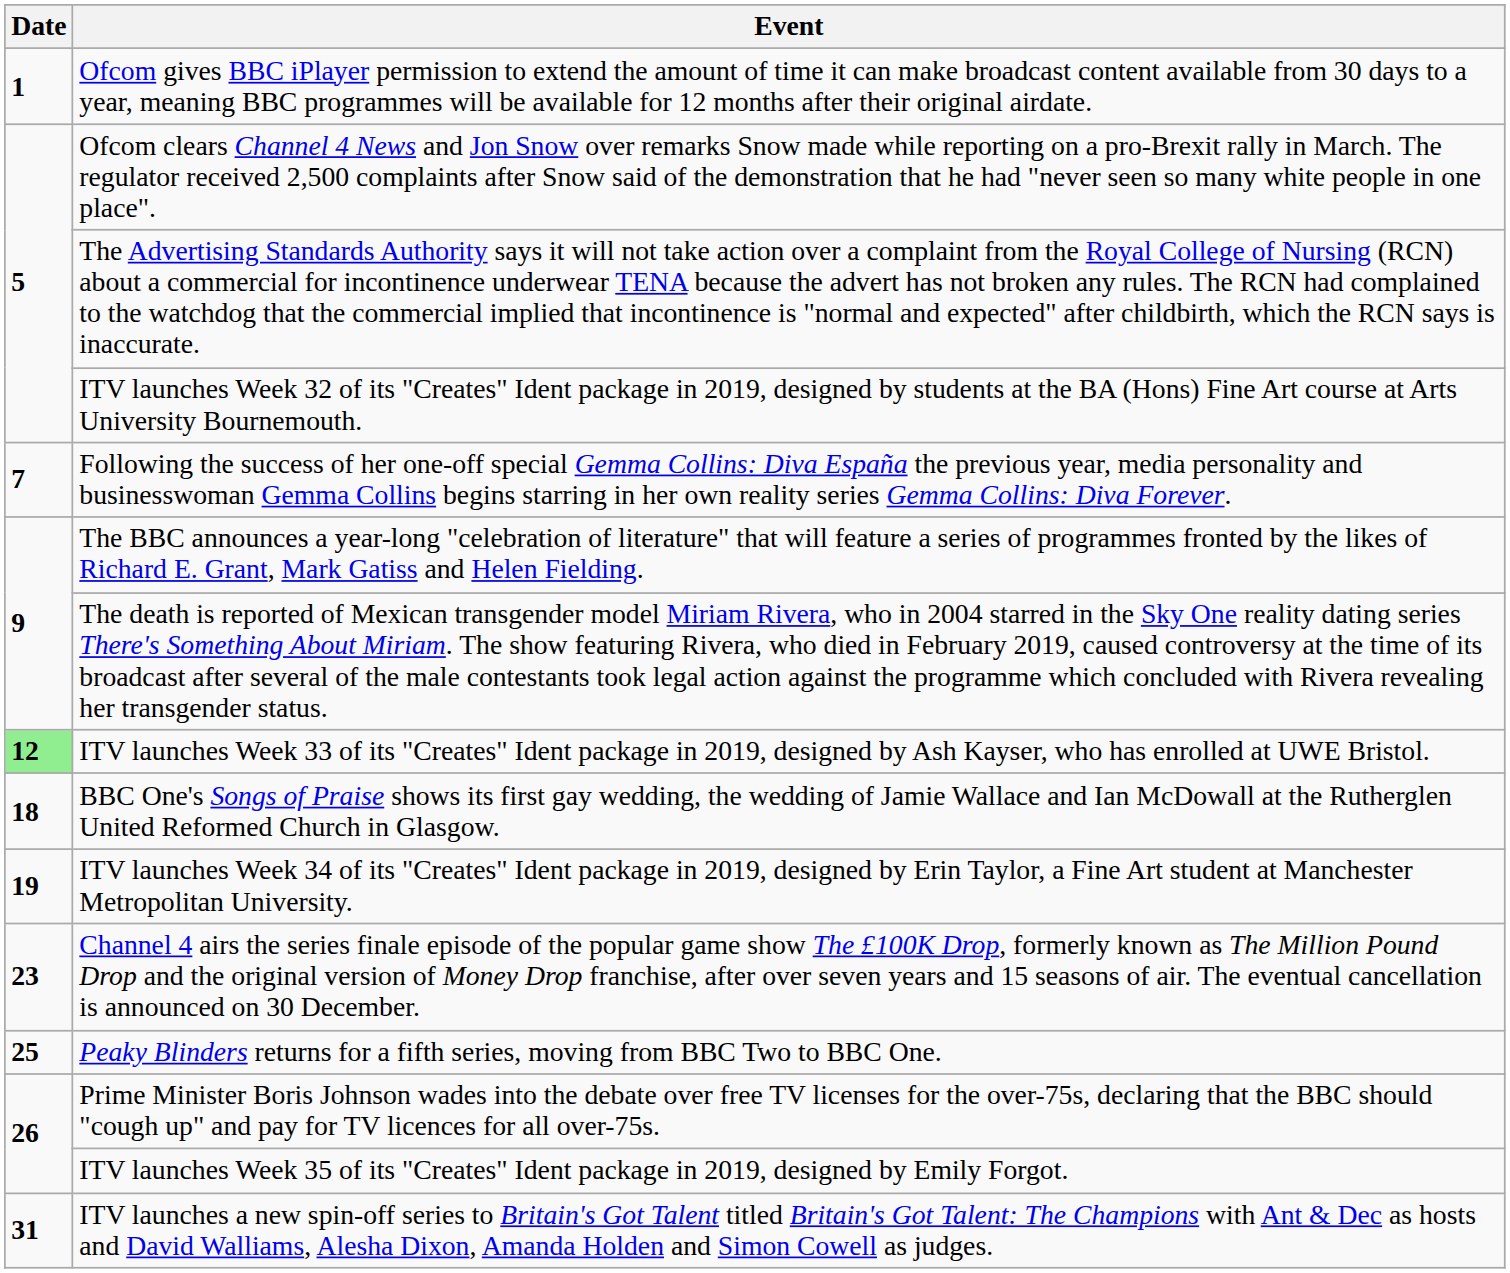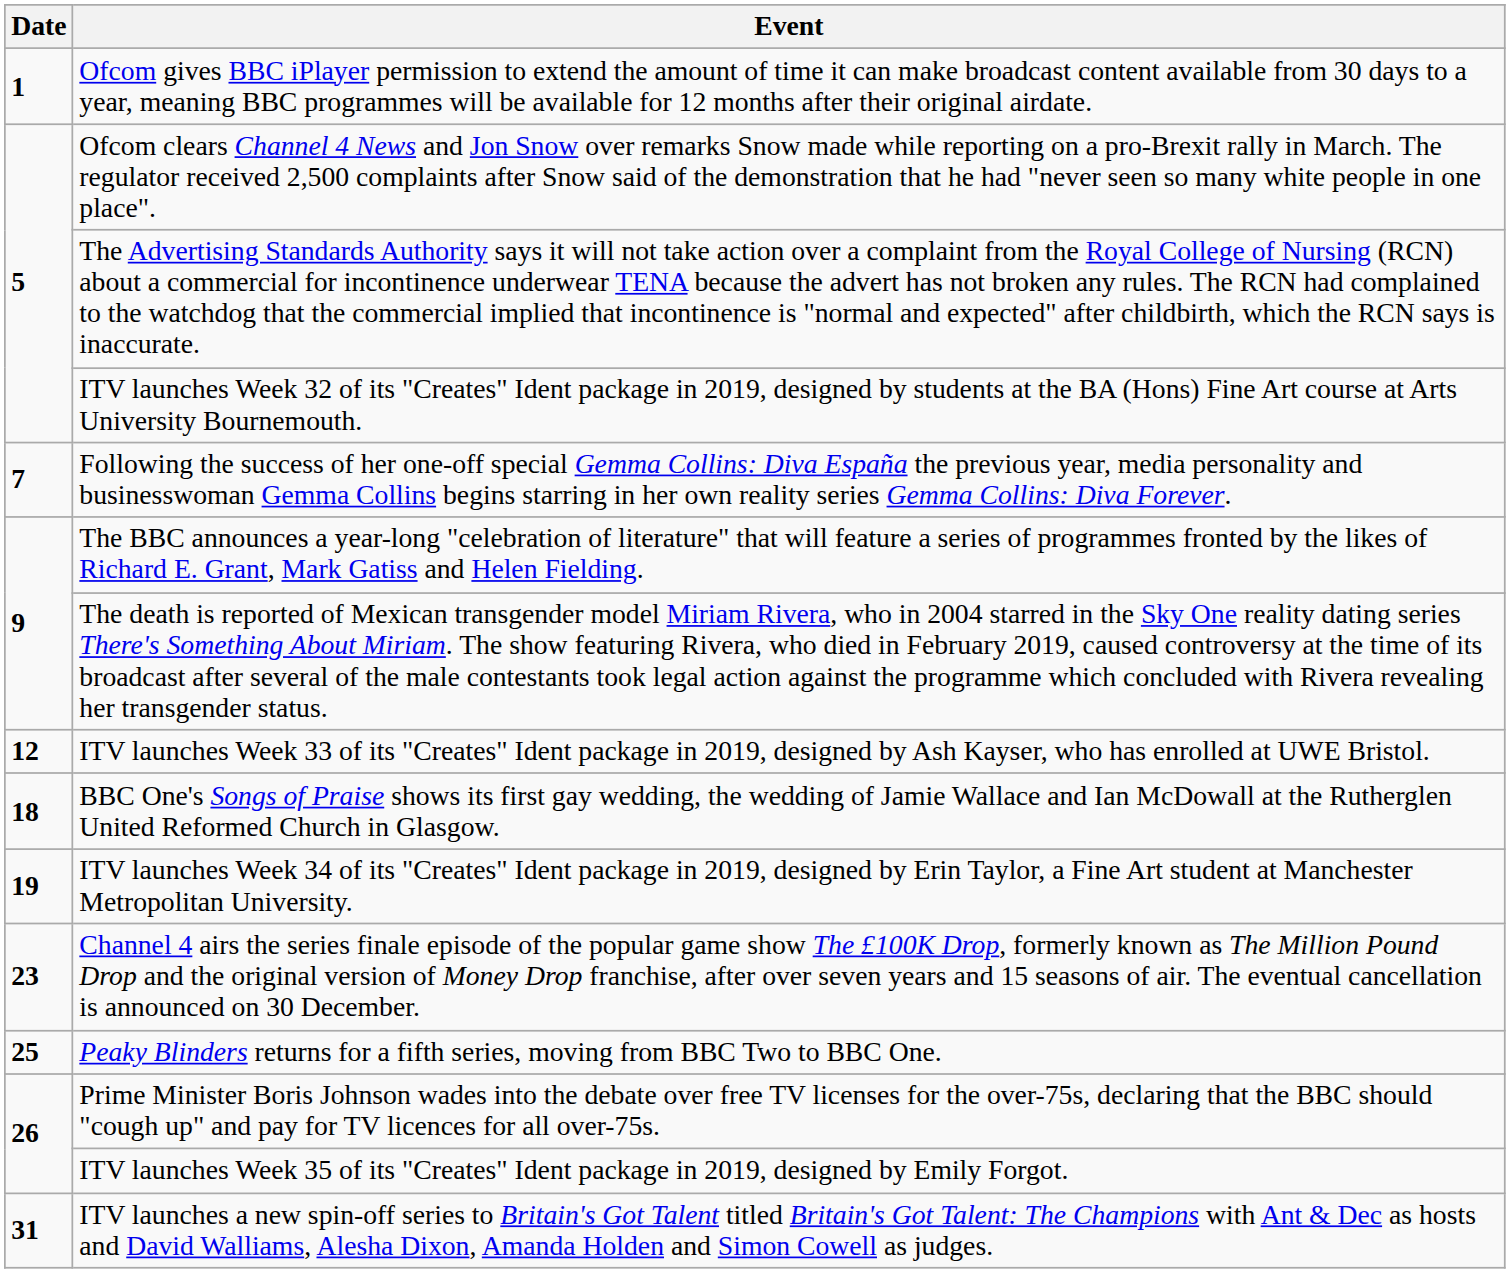 <table class="wikitable">
 <tr>
 <th>Date</th>
 <th>Event</th>
 </tr>
 <tr>
 <td><strong>1</strong></td>
 <td><a href='#'>Ofcom</a> gives <a href='#'>BBC iPlayer</a> permission to extend the amount of time it can make broadcast content available from 30 days to a year, meaning BBC programmes will be available for 12 months after their original airdate.</td>
 </tr>
 <tr>
 <td rowspan=3><strong>5</strong></td>
 <td>Ofcom clears <em><a href='#'>Channel 4 News</a></em> and <a href='#'>Jon Snow</a> over remarks Snow made while reporting on a pro-Brexit rally in March. The regulator received 2,500 complaints after Snow said of the demonstration that he had "never seen so many white people in one place".</td>
 </tr>
 <tr>
 <td>The <a href='#'>Advertising Standards Authority</a> says it will not take action over a complaint from the <a href='#'>Royal College of Nursing</a> (RCN) about a commercial for incontinence underwear <a href='#'>TENA</a> because the advert has not broken any rules. The RCN had complained to the watchdog that the commercial implied that incontinence is "normal and expected" after childbirth, which the RCN says is inaccurate.</td>
 </tr>
 <tr>
 <td>ITV launches Week 32 of its "Creates" Ident package in 2019, designed by students at the BA (Hons) Fine Art course at Arts University Bournemouth.</td>
 </tr>
 <tr>
 <td><strong>7</strong></td>
 <td>Following the success of her one-off special <em><a href='#'>Gemma Collins: Diva España</a></em> the previous year, media personality and businesswoman <a href='#'>Gemma Collins</a> begins starring in her own reality series <em><a href='#'>Gemma Collins: Diva Forever</a></em>.</td>
 </tr>
 <tr>
 <td rowspan=2><strong>9</strong></td>
 <td>The BBC announces a year-long "celebration of literature" that will feature a series of programmes fronted by the likes of <a href='#'>Richard E. Grant</a>, <a href='#'>Mark Gatiss</a> and <a href='#'>Helen Fielding</a>.</td>
 </tr>
 <tr>
 <td>The death is reported of Mexican transgender model <a href='#'>Miriam Rivera</a>, who in 2004 starred in the <a href='#'>Sky One</a> reality dating series <em><a href='#'>There's Something About Miriam</a></em>. The show featuring Rivera, who died in February 2019, caused controversy at the time of its broadcast after several of the male contestants took legal action against the programme which concluded with Rivera revealing her transgender status.</td>
 </tr>
 <tr>
-<td style="background: lightgreen;"><strong>12</strong></td>
+<td><strong>12</strong></td>
 <td>ITV launches Week 33 of its "Creates" Ident package in 2019, designed by Ash Kayser, who has enrolled at UWE Bristol.</td>
 </tr>
 <tr>
 <td><strong>18</strong></td>
 <td>BBC One's <em><a href='#'>Songs of Praise</a></em> shows its first gay wedding, the wedding of Jamie Wallace and Ian McDowall at the Rutherglen United Reformed Church in Glasgow.</td>
 </tr>
 <tr>
 <td><strong>19</strong></td>
 <td>ITV launches Week 34 of its "Creates" Ident package in 2019, designed by Erin Taylor, a Fine Art student at Manchester Metropolitan University.</td>
 </tr>
 <tr>
 <td><strong>23</strong></td>
 <td><a href='#'>Channel 4</a> airs the series finale episode of the popular game show <em><a href='#'>The £100K Drop</a></em>, formerly known as <em>The Million Pound Drop</em> and the original version of <em>Money Drop</em> franchise, after over seven years and 15 seasons of air. The eventual cancellation is announced on 30 December.</td>
 </tr>
 <tr>
 <td><strong>25</strong></td>
 <td><em><a href='#'>Peaky Blinders</a></em> returns for a fifth series, moving from BBC Two to BBC One.</td>
 </tr>
 <tr>
 <td rowspan=2><strong>26</strong></td>
 <td>Prime Minister Boris Johnson wades into the debate over free TV licenses for the over-75s, declaring that the BBC should "cough up" and pay for TV licences for all over-75s.</td>
 </tr>
 <tr>
 <td>ITV launches Week 35 of its "Creates" Ident package in 2019, designed by Emily Forgot.</td>
 </tr>
 <tr>
 <td><strong>31</strong></td>
 <td>ITV launches a new spin-off series to <em><a href='#'>Britain's Got Talent</a></em> titled <em><a href='#'>Britain's Got Talent: The Champions</a></em> with <a href='#'>Ant & Dec</a> as hosts and <a href='#'>David Walliams</a>, <a href='#'>Alesha Dixon</a>, <a href='#'>Amanda Holden</a> and <a href='#'>Simon Cowell</a> as judges.</td>
 </tr>
 </table>
